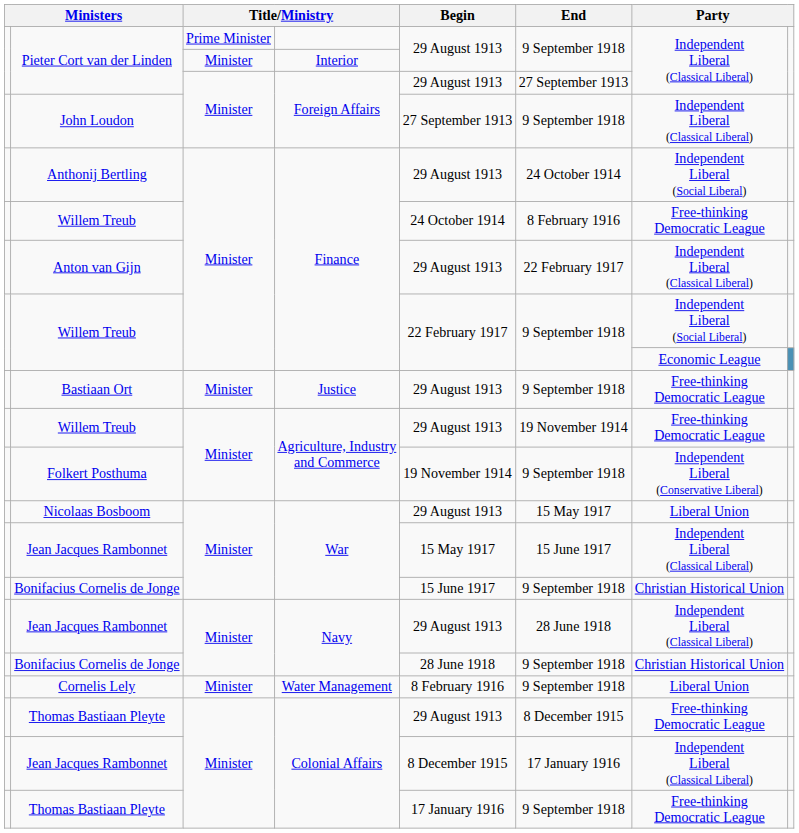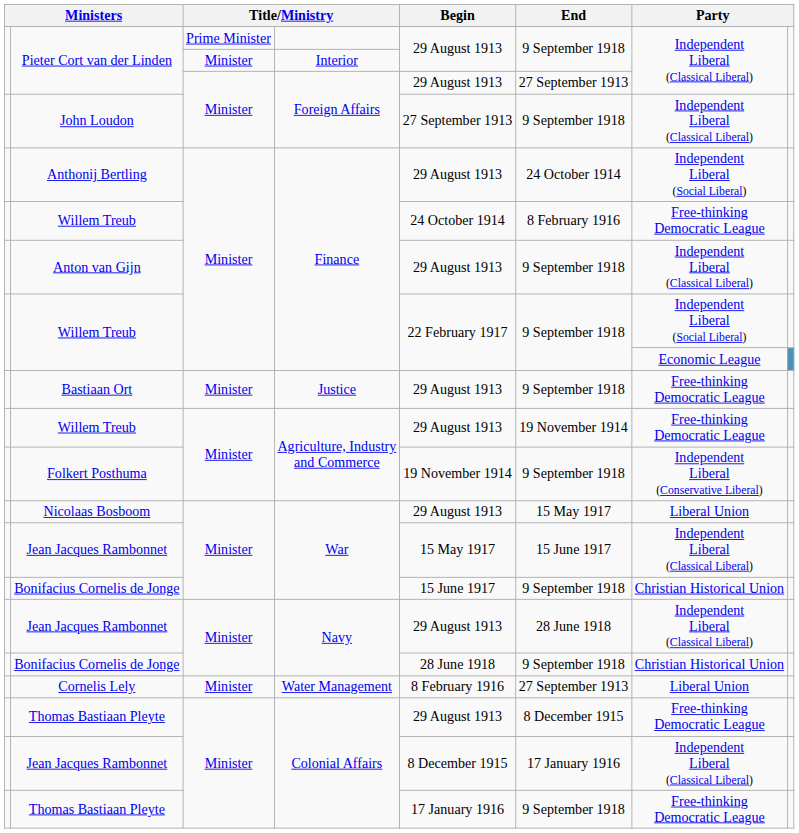 <table class="wikitable sortable" style="text-align:center">
 <tr>
 <th colspan=2><a href='#'>Ministers</a></th>
 <th colspan=2>Title/<a href='#'>Ministry</a></th>
 <th>Begin</th>
 <th>End</th>
 <th colspan=2>Party</th>
 </tr>
 <tr>
 <td rowspan=3></td>
 <td rowspan=3><a href='#'>Pieter Cort van der Linden</a></td>
 <td><a href='#'>Prime Minister</a></td>
 <td></td>
 <td rowspan=2>29 August 1913</td>
 <td rowspan=2>9 September 1918</td>
 <td rowspan=3><a href='#'>Independent <br> Liberal</a> <br> <small>(<a href='#'>Classical Liberal</a>)</small></td>
 <td rowspan=3 style="background:"></td>
 </tr>
 <tr>
 <td><a href='#'>Minister</a></td>
 <td><a href='#'>Interior</a></td>
 </tr>
 <tr>
 <td rowspan=2><a href='#'>Minister</a></td>
 <td rowspan=2><a href='#'>Foreign Affairs</a></td>
 <td>29 August 1913</td>
 <td>27 September 1913</td>
 </tr>
 <tr>
 <td></td>
 <td><a href='#'>John Loudon</a></td>
 <td>27 September 1913</td>
 <td>9 September 1918</td>
 <td><a href='#'>Independent <br> Liberal</a> <br> <small>(<a href='#'>Classical Liberal</a>)</small></td>
 <td style="background:"></td>
 </tr>
 <tr>
 <td></td>
 <td><a href='#'>Anthonij Bertling</a></td>
 <td rowspan=5><a href='#'>Minister</a></td>
 <td rowspan=5><a href='#'>Finance</a></td>
 <td>29 August 1913</td>
 <td>24 October 1914</td>
 <td><a href='#'>Independent <br> Liberal</a> <br> <small>(<a href='#'>Social Liberal</a>)</small></td>
 <td style="background:"></td>
 </tr>
 <tr>
 <td></td>
 <td><a href='#'>Willem Treub</a></td>
 <td>24 October 1914</td>
 <td>8 February 1916</td>
 <td><a href='#'>Free-thinking <br> Democratic League</a></td>
 <td style="background:"></td>
 </tr>
 <tr>
 <td></td>
 <td><a href='#'>Anton van Gijn</a></td>
 <td>29 August 1913</td>
-<td>22 February 1917</td>
+<td>9 September 1918</td>
 <td><a href='#'>Independent <br> Liberal</a> <br> <small>(<a href='#'>Classical Liberal</a>)</small></td>
 <td style="background:"></td>
 </tr>
 <tr>
 <td rowspan=2></td>
 <td rowspan=2><a href='#'>Willem Treub</a></td>
 <td rowspan=2>22 February 1917</td>
 <td rowspan=2>9 September 1918</td>
 <td><a href='#'>Independent <br> Liberal</a> <br> <small>(<a href='#'>Social Liberal</a>)</small></td>
 <td style="background:"></td>
 </tr>
 <tr>
 <td><a href='#'>Economic League</a></td>
 <td style="background-color:#4A91B5;"></td>
 </tr>
 <tr>
 <td></td>
 <td><a href='#'>Bastiaan Ort</a></td>
 <td><a href='#'>Minister</a></td>
 <td><a href='#'>Justice</a></td>
 <td>29 August 1913</td>
 <td>9 September 1918</td>
 <td><a href='#'>Free-thinking <br> Democratic League</a></td>
 <td style="background:"></td>
 </tr>
 <tr>
 <td></td>
 <td><a href='#'>Willem Treub</a></td>
 <td rowspan=2><a href='#'>Minister</a></td>
 <td rowspan=2><a href='#'>Agriculture, Industry <br> and Commerce</a></td>
 <td>29 August 1913</td>
 <td>19 November 1914</td>
 <td><a href='#'>Free-thinking <br> Democratic League</a></td>
 <td style="background:"></td>
 </tr>
 <tr>
 <td></td>
 <td><a href='#'>Folkert Posthuma</a></td>
 <td>19 November 1914</td>
 <td>9 September 1918</td>
 <td><a href='#'>Independent <br> Liberal</a> <br> <small>(<a href='#'>Conservative Liberal</a>)</small></td>
 <td style="background:"></td>
 </tr>
 <tr>
 <td></td>
 <td><a href='#'>Nicolaas Bosboom</a></td>
 <td rowspan=3><a href='#'>Minister</a></td>
 <td rowspan=3><a href='#'>War</a></td>
 <td>29 August 1913</td>
 <td>15 May 1917</td>
 <td><a href='#'>Liberal Union</a></td>
 <td style="background:"></td>
 </tr>
 <tr>
 <td></td>
 <td><a href='#'>Jean Jacques Rambonnet</a></td>
 <td>15 May 1917</td>
 <td>15 June 1917</td>
 <td><a href='#'>Independent <br> Liberal</a> <br> <small>(<a href='#'>Classical Liberal</a>)</small></td>
 <td style="background:"></td>
 </tr>
 <tr>
 <td></td>
 <td><a href='#'>Bonifacius Cornelis de Jonge</a></td>
 <td>15 June 1917</td>
 <td>9 September 1918</td>
 <td><a href='#'>Christian Historical Union</a></td>
 <td style="background:"></td>
 </tr>
 <tr>
 <td></td>
 <td><a href='#'>Jean Jacques Rambonnet</a></td>
 <td rowspan=2><a href='#'>Minister</a></td>
 <td rowspan=2><a href='#'>Navy</a></td>
 <td>29 August 1913</td>
 <td>28 June 1918</td>
 <td><a href='#'>Independent <br> Liberal</a> <br> <small>(<a href='#'>Classical Liberal</a>)</small></td>
 <td style="background:"></td>
 </tr>
 <tr>
 <td></td>
 <td><a href='#'>Bonifacius Cornelis de Jonge</a></td>
 <td>28 June 1918</td>
 <td>9 September 1918</td>
 <td><a href='#'>Christian Historical Union</a></td>
 <td style="background:"></td>
 </tr>
 <tr>
 <td></td>
 <td><a href='#'>Cornelis Lely</a></td>
 <td><a href='#'>Minister</a></td>
 <td><a href='#'>Water Management</a></td>
 <td>8 February 1916</td>
-<td>9 September 1918</td>
+<td>27 September 1913</td>
 <td><a href='#'>Liberal Union</a></td>
 <td style="background:"></td>
 </tr>
 <tr>
 <td></td>
 <td><a href='#'>Thomas Bastiaan Pleyte</a></td>
 <td rowspan=3><a href='#'>Minister</a></td>
 <td rowspan=3><a href='#'>Colonial Affairs</a></td>
 <td>29 August 1913</td>
 <td>8 December 1915</td>
 <td><a href='#'>Free-thinking <br> Democratic League</a></td>
 <td style="background:"></td>
 </tr>
 <tr>
 <td></td>
 <td><a href='#'>Jean Jacques Rambonnet</a></td>
 <td>8 December 1915</td>
 <td>17 January 1916</td>
 <td><a href='#'>Independent <br> Liberal</a> <br> <small>(<a href='#'>Classical Liberal</a>)</small></td>
 <td style="background:"></td>
 </tr>
 <tr>
 <td></td>
 <td><a href='#'>Thomas Bastiaan Pleyte</a></td>
 <td>17 January 1916</td>
 <td>9 September 1918</td>
 <td><a href='#'>Free-thinking <br> Democratic League</a></td>
 <td style="background:"></td>
 </tr>
 </table>
